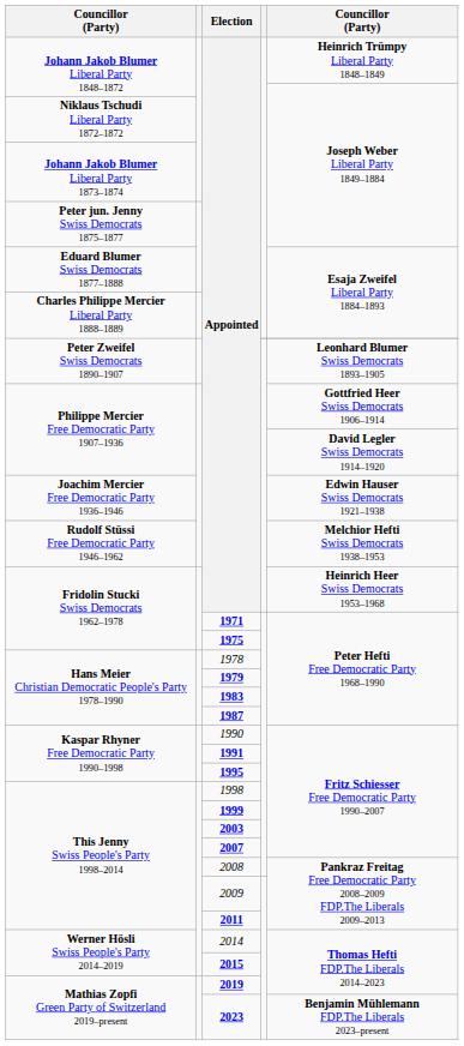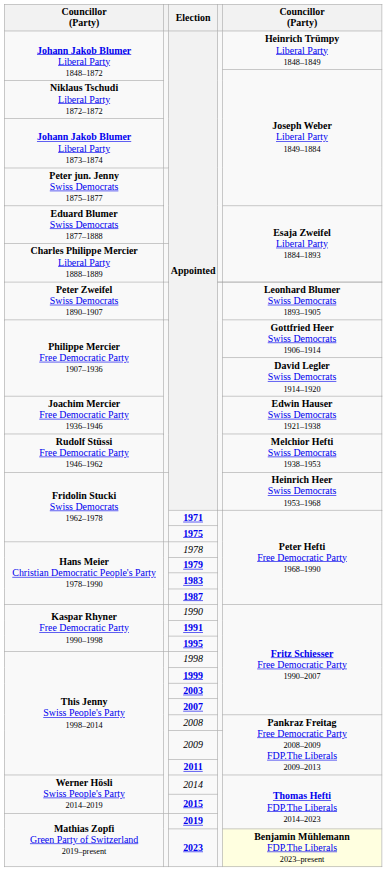 <table class="wikitable" style="text-align:center">
 <tr>
 <th scope="col" width="250" colspan = "1">Councillor<br> (Party)</th>
 <th></th>
 <th>Election</th>
 <th></th>
 <th scope="col" width="250" colspan = "1">Councillor<br> (Party)</th>
 </tr>
 <tr>
 <td rowspan=2><br><strong><a href='#'>Johann Jakob Blumer</a></strong><br><a href='#'>Liberal Party</a><br><small>1848–1872</small></td>
 <td rowspan=4; style="background-color: "></td>
 <th rowspan=20>Appointed</th>
 <td rowspan=8; style="background-color: "></td>
 <td rowspan=1><strong>Heinrich Trümpy</strong><br><a href='#'>Liberal Party</a><br><small>1848–1849</small></td>
 </tr>
 <tr>
 <td rowspan=5><strong>Joseph Weber</strong><br><a href='#'>Liberal Party</a><br><small>1849–1884</small></td>
 </tr>
 <tr>
 <td rowspan=1><strong>Niklaus Tschudi</strong><br><a href='#'>Liberal Party</a><br><small>1872–1872</small></td>
 </tr>
 <tr>
 <td rowspan=1><br><strong><a href='#'>Johann Jakob Blumer</a></strong><br><a href='#'>Liberal Party</a><br><small>1873–1874</small></td>
 </tr>
 <tr>
 <td rowspan=1><strong>Peter jun. Jenny</strong><br><a href='#'>Swiss Democrats</a><br><small>1875–1877</small></td>
 <td rowspan=3; style="background-color: "></td>
 </tr>
 <tr>
 <td rowspan=2><strong>Eduard Blumer</strong><br><a href='#'>Swiss Democrats</a><br><small>1877–1888</small></td>
 </tr>
 <tr>
 <td rowspan=2><strong>Esaja Zweifel</strong><br><a href='#'>Liberal Party</a><br><small>1884–1893</small></td>
 </tr>
 <tr>
 <td rowspan=1><strong>Charles Philippe Mercier</strong><br><a href='#'>Liberal Party</a><br><small>1888–1889</small></td>
 <td rowspan=1; style="background-color: "></td>
 </tr>
 <tr>
 <td rowspan=3><strong>Peter Zweifel</strong><br><a href='#'>Swiss Democrats</a><br><small>1890–1907</small></td>
 <td rowspan=3; style="background-color: "></td>
 </tr>
 <tr>
 <td rowspan=10; style="background-color: "></td>
 <td rowspan=1><strong>Leonhard Blumer</strong><br><a href='#'>Swiss Democrats</a><br><small>1893–1905</small></td>
 </tr>
 <tr>
 <td rowspan=2><strong>Gottfried Heer</strong><br><a href='#'>Swiss Democrats</a><br><small>1906–1914</small></td>
 </tr>
 <tr>
 <td rowspan=3><strong>Philippe Mercier</strong><br><a href='#'>Free Democratic Party</a><br><small>1907–1936</small></td>
 <td rowspan=7; style="background-color: "></td>
 </tr>
 <tr>
 <td rowspan=1><strong>David Legler</strong><br><a href='#'>Swiss Democrats</a><br><small>1914–1920</small></td>
 </tr>
 <tr>
 <td rowspan=2><strong>Edwin Hauser</strong><br><a href='#'>Swiss Democrats</a><br><small>1921–1938</small></td>
 </tr>
 <tr>
 <td rowspan=2><strong>Joachim Mercier</strong><br><a href='#'>Free Democratic Party</a><br><small>1936–1946</small></td>
 </tr>
 <tr>
 <td rowspan=2><strong>Melchior Hefti</strong><br><a href='#'>Swiss Democrats</a><br><small>1938–1953</small></td>
 </tr>
 <tr>
 <td rowspan=2><strong>Rudolf Stüssi</strong><br><a href='#'>Free Democratic Party</a><br><small>1946–1962</small></td>
 </tr>
 <tr>
 <td rowspan=2><strong>Heinrich Heer</strong><br><a href='#'>Swiss Democrats</a><br><small>1953–1968</small></td>
 </tr>
 <tr>
 <td rowspan=4><strong>Fridolin Stucki</strong><br><a href='#'>Swiss Democrats</a><br><small>1962–1978</small></td>
 <td rowspan=4; style="background-color: "></td>
 </tr>
 <tr>
 <td rowspan=15; style="background-color: "></td>
 <td rowspan=7><strong>Peter Hefti</strong><br><a href='#'>Free Democratic Party</a><br><small>1968–1990</small></td>
 </tr>
 <tr>
 <td><strong><a href='#'>1971</a></strong></td>
 </tr>
 <tr>
 <td><strong><a href='#'>1975</a></strong></td>
 </tr>
 <tr>
 <td rowspan=4><strong>Hans Meier</strong><br><a href='#'>Christian Democratic People's Party</a><br><small>1978–1990</small></td>
 <td rowspan=4; style="background-color: "></td>
 <td><em>1978</em></td>
 </tr>
 <tr>
 <td><strong><a href='#'>1979</a></strong></td>
 </tr>
 <tr>
 <td><strong><a href='#'>1983</a></strong></td>
 </tr>
 <tr>
 <td><strong><a href='#'>1987</a></strong></td>
 </tr>
 <tr>
 <td rowspan=3><strong>Kaspar Rhyner</strong><br><a href='#'>Free Democratic Party</a><br><small>1990–1998</small></td>
 <td rowspan=3; style="background-color: "></td>
 <td><em>1990</em></td>
 <td rowspan=7><br><strong><a href='#'>Fritz Schiesser</a></strong><br><a href='#'>Free Democratic Party</a><br><small>1990–2007</small></td>
 </tr>
 <tr>
 <td><strong><a href='#'>1991</a></strong></td>
 </tr>
 <tr>
 <td><strong><a href='#'>1995</a></strong></td>
 </tr>
 <tr>
 <td rowspan=7><strong>This Jenny</strong><br><a href='#'>Swiss People's Party</a><br><small>1998–2014</small></td>
 <td rowspan=9; style="background-color: "></td>
 <td><em>1998</em></td>
 </tr>
 <tr>
 <td><strong><a href='#'>1999</a></strong></td>
 </tr>
 <tr>
 <td><strong><a href='#'>2003</a></strong></td>
 </tr>
 <tr>
 <td><strong><a href='#'>2007</a></strong></td>
 </tr>
 <tr>
 <td><em>2008</em></td>
 <td rowspan=3><strong>Pankraz Freitag</strong><br><a href='#'>Free Democratic Party</a><br><small>2008–2009</small><br><a href='#'>FDP.The Liberals</a><br><small>2009–2013</small></td>
 </tr>
 <tr>
 <td><em>2009</em></td>
 <td rowspan=6; style="background-color: "></td>
 </tr>
 <tr>
 <td><strong><a href='#'>2011</a></strong></td>
 </tr>
 <tr>
 <td rowspan=2><strong>Werner Hösli</strong><br><a href='#'>Swiss People's Party</a><br><small>2014–2019</small></td>
 <td><em>2014</em></td>
 <td rowspan=3><br><strong><a href='#'>Thomas Hefti</a></strong><br><a href='#'>FDP.The Liberals</a><br><small>2014–2023</small></td>
 </tr>
 <tr>
 <td><strong><a href='#'>2015</a></strong></td>
 </tr>
 <tr>
 <td rowspan=2><strong>Mathias Zopfi</strong><br><a href='#'>Green Party of Switzerland</a><br><small>2019–present</small></td>
 <td rowspan=2; style="background-color: "></td>
 <td><strong><a href='#'>2019</a></strong></td>
 </tr>
 <tr>
 <td><strong><a href='#'>2023</a></strong></td>
-<td rowspan=1><strong>Benjamin Mühlemann</strong><br><a href='#'>FDP.The Liberals</a><br><small>2023–present</small></td>
+<td rowspan=1 style="background: lightyellow;"><strong>Benjamin Mühlemann</strong><br><a href='#'>FDP.The Liberals</a><br><small>2023–present</small></td>
 </tr>
 </table>
